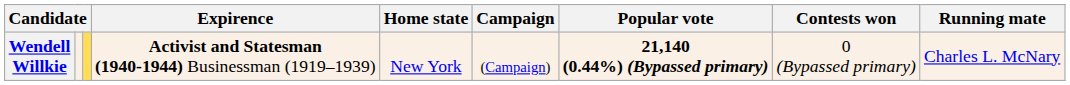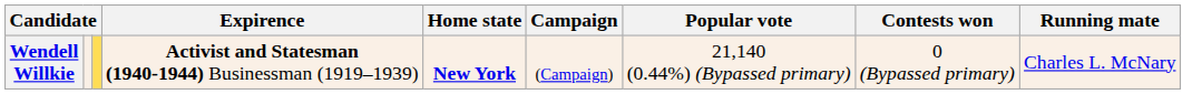 <table class="wikitable sortable" style="text-align:center;">
 <tr>
 <th colspan="3">Candidate</th>
 <th class="unsortable">Expirence</th>
 <th>Home state</th>
 <th data-sort-type="date">Campaign</th>
 <th>Popular vote</th>
 <th>Contests won</th>
 <th>Running mate</th>
 </tr>
 <tr style="background:linen;">
 <th scope="row" data-sort-="Hoover"><a href='#'>Wendell</a><br><a href='#'>Willkie</a></th>
 <td></td>
 <td style="background:#ffdd55;"></td>
 <td><strong>Activist and Statesman</strong><br><strong>(1940-1944)</strong> Businessman (1919–1939)</td>
-<td><br><a href='#'>New York</a></td>
+<td><strong><br><a href='#'>New York</a></strong></td>
 <td><br><small>(<a href='#'>Campaign</a>)</small></td>
-<td><strong>21,140<br>(0.44%) <em>(Bypassed primary)</em></strong></td>
+<td>21,140<br>(0.44%) <em>(Bypassed primary)</em></td>
 <td>0<br><em>(Bypassed primary)</em></td>
 <td><a href='#'>Charles L. McNary</a></td>
 </tr>
 </table>
